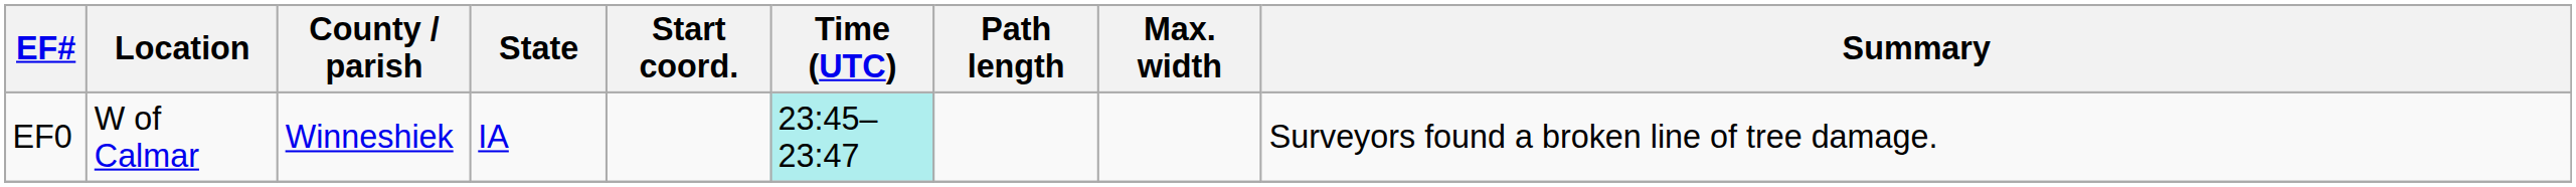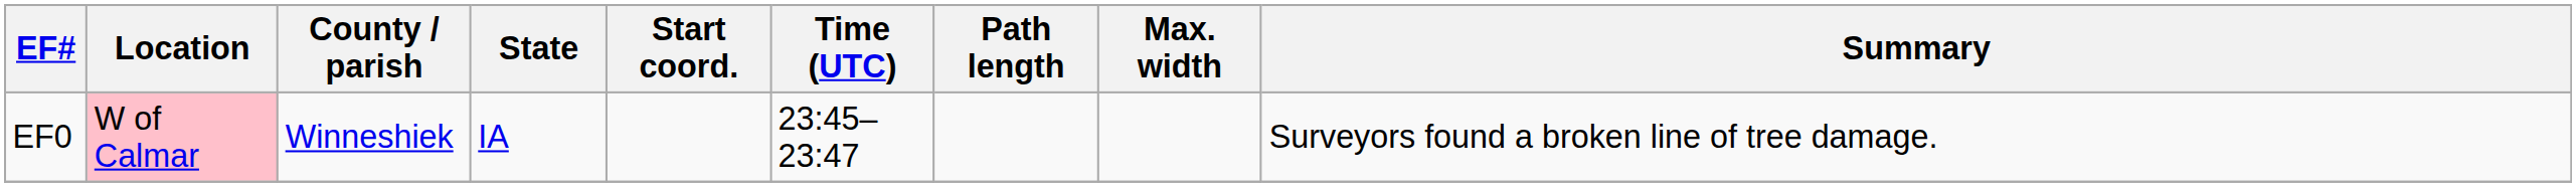 <table class="wikitable sortable" style="width:100%;">
 <tr>
 <th scope="col"  style="width:3%; text-align:center;"><a href='#'>EF#</a></th>
 <th scope="col"  style="width:7%; text-align:center;" class="unsortable">Location</th>
 <th scope="col"  style="width:6%; text-align:center;" class="unsortable">County / parish</th>
 <th scope="col"  style="width:5%; text-align:center;">State</th>
 <th scope="col"  style="width:6%; text-align:center;">Start coord.</th>
 <th scope="col"  style="width:6%; text-align:center;">Time (<a href='#'>UTC</a>)</th>
 <th scope="col"  style="width:6%; text-align:center;">Path length</th>
 <th scope="col"  style="width:6%; text-align:center;">Max. width</th>
 <th scope="col" class="unsortable" style="width:48%; text-align:center;">Summary</th>
 </tr>
 <tr>
 <td>EF0</td>
-<td>W of <a href='#'>Calmar</a></td>
+<td style="background: pink;">W of <a href='#'>Calmar</a></td>
 <td><a href='#'>Winneshiek</a></td>
 <td><a href='#'>IA</a></td>
 <td></td>
-<td style="background: paleturquoise;">23:45–23:47</td>
+<td>23:45–23:47</td>
 <td></td>
 <td></td>
 <td>Surveyors found a broken line of tree damage.</td>
 </tr>
 <tr>
 </tr>
 </table>
